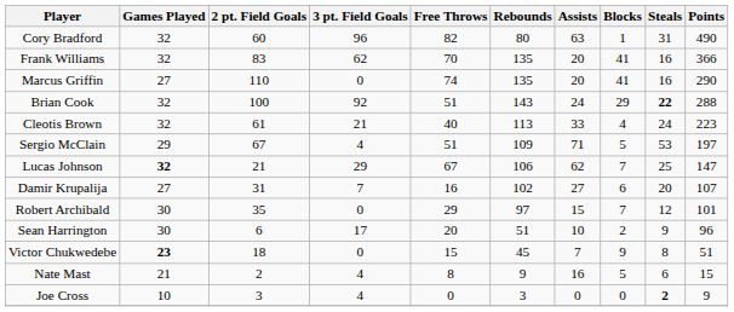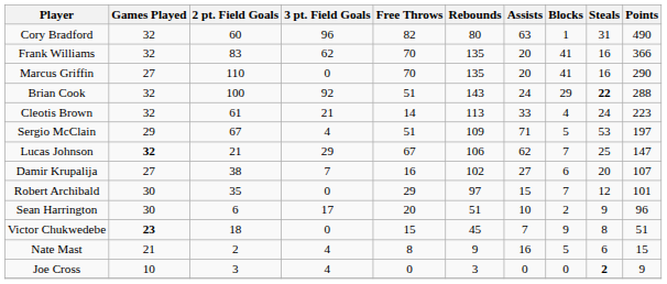 <table class="wikitable sortable" style="text-align:center">
 <tr>
 <th>Player</th>
 <th>Games Played</th>
 <th>2 pt. Field Goals</th>
 <th>3 pt. Field Goals</th>
 <th>Free Throws</th>
 <th>Rebounds</th>
 <th>Assists</th>
 <th>Blocks</th>
 <th>Steals</th>
 <th>Points</th>
 </tr>
 <tr align="center" bgcolor="">
 <td>Cory Bradford</td>
 <td>32</td>
 <td>60</td>
 <td>96</td>
 <td>82</td>
 <td>80</td>
 <td>63</td>
 <td>1</td>
 <td>31</td>
 <td>490</td>
 </tr>
 <tr align="center" bgcolor="">
 <td>Frank Williams</td>
 <td>32</td>
 <td>83</td>
 <td>62</td>
 <td>70</td>
 <td>135</td>
 <td>20</td>
 <td>41</td>
 <td>16</td>
 <td>366</td>
 </tr>
 <tr align="center" bgcolor="">
 <td>Marcus Griffin</td>
 <td>27</td>
 <td>110</td>
 <td>0</td>
-<td>74</td>
+<td>70</td>
 <td>135</td>
 <td>20</td>
 <td>41</td>
 <td>16</td>
 <td>290</td>
 </tr>
 <tr align="center" bgcolor="">
 <td>Brian Cook</td>
 <td>32</td>
 <td>100</td>
 <td>92</td>
 <td>51</td>
 <td>143</td>
 <td>24</td>
 <td>29</td>
 <td><strong>22</strong></td>
 <td>288</td>
 </tr>
 <tr align="center" bgcolor="">
 <td>Cleotis Brown</td>
 <td>32</td>
 <td>61</td>
 <td>21</td>
-<td>40</td>
+<td>14</td>
 <td>113</td>
 <td>33</td>
 <td>4</td>
 <td>24</td>
 <td>223</td>
 </tr>
 <tr align="center" bgcolor="">
 <td>Sergio McClain</td>
 <td>29</td>
 <td>67</td>
 <td>4</td>
 <td>51</td>
 <td>109</td>
 <td>71</td>
 <td>5</td>
 <td>53</td>
 <td>197</td>
 </tr>
 <tr align="center" bgcolor="">
 <td>Lucas Johnson</td>
 <td><strong>32</strong></td>
 <td>21</td>
 <td>29</td>
 <td>67</td>
 <td>106</td>
 <td>62</td>
 <td>7</td>
 <td>25</td>
 <td>147</td>
 </tr>
 <tr align="center" bgcolor="">
 <td>Damir Krupalija</td>
 <td>27</td>
-<td>31</td>
+<td>38</td>
 <td>7</td>
 <td>16</td>
 <td>102</td>
 <td>27</td>
 <td>6</td>
 <td>20</td>
 <td>107</td>
 </tr>
 <tr align="center" bgcolor="">
 <td>Robert Archibald</td>
 <td>30</td>
 <td>35</td>
 <td>0</td>
 <td>29</td>
 <td>97</td>
 <td>15</td>
 <td>7</td>
 <td>12</td>
 <td>101</td>
 </tr>
 <tr align="center" bgcolor="">
 <td>Sean Harrington</td>
 <td>30</td>
 <td>6</td>
 <td>17</td>
 <td>20</td>
 <td>51</td>
 <td>10</td>
 <td>2</td>
 <td>9</td>
 <td>96</td>
 </tr>
 <tr align="center" bgcolor="">
 <td>Victor Chukwedebe</td>
 <td><strong>23</strong></td>
 <td>18</td>
 <td>0</td>
 <td>15</td>
 <td>45</td>
 <td>7</td>
 <td>9</td>
 <td>8</td>
 <td>51</td>
 </tr>
 <tr align="center" bgcolor="">
 <td>Nate Mast</td>
 <td>21</td>
 <td>2</td>
 <td>4</td>
 <td>8</td>
 <td>9</td>
 <td>16</td>
 <td>5</td>
 <td>6</td>
 <td>15</td>
 </tr>
 <tr align="center" bgcolor="">
 <td>Joe Cross</td>
 <td>10</td>
 <td>3</td>
 <td>4</td>
 <td>0</td>
 <td>3</td>
 <td>0</td>
 <td>0</td>
 <td><strong>2</strong></td>
 <td>9</td>
 </tr>
 <tr align="center" bgcolor="">
 </tr>
 </table>
